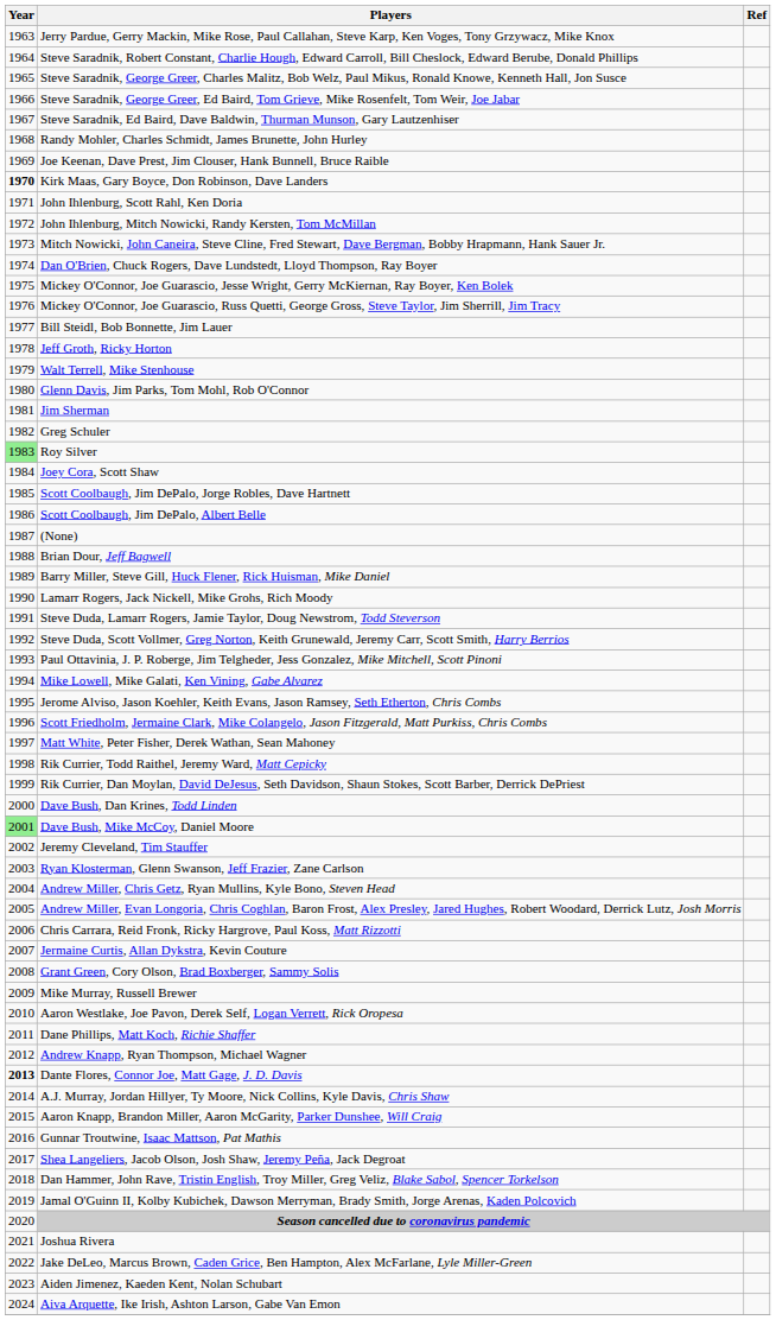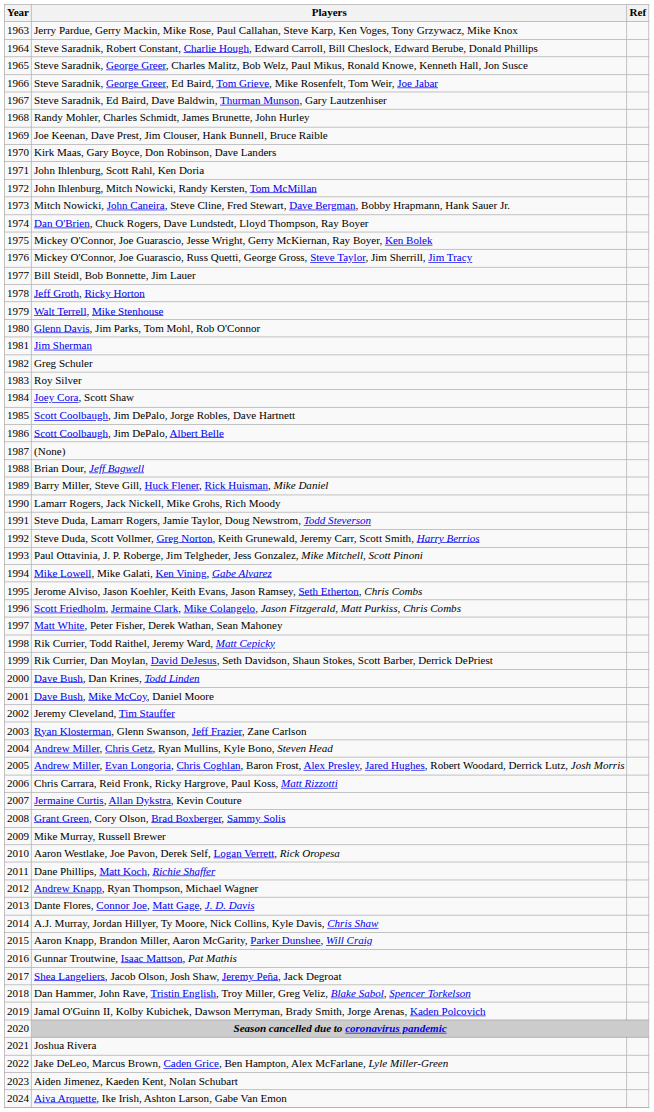 <table class="wikitable" style="text-align:center">
 <tr>
 <th scope="col">Year</th>
 <th scope="col">Players</th>
 <th scope="col">Ref</th>
 </tr>
 <tr>
 <td>1963</td>
 <td style="text-align:left">Jerry Pardue, Gerry Mackin, Mike Rose, Paul Callahan, Steve Karp, Ken Voges, Tony Grzywacz, Mike Knox</td>
 <td></td>
 </tr>
 <tr>
 <td>1964</td>
 <td style="text-align:left">Steve Saradnik, Robert Constant, <a href='#'>Charlie Hough</a>, Edward Carroll, Bill Cheslock, Edward Berube, Donald Phillips</td>
 <td></td>
 </tr>
 <tr>
 <td>1965</td>
 <td style="text-align:left">Steve Saradnik, <a href='#'>George Greer</a>, Charles Malitz, Bob Welz, Paul Mikus, Ronald Knowe, Kenneth Hall, Jon Susce</td>
 <td></td>
 </tr>
 <tr>
 <td>1966</td>
 <td style="text-align:left">Steve Saradnik, <a href='#'>George Greer</a>, Ed Baird, <a href='#'>Tom Grieve</a>, Mike Rosenfelt, Tom Weir, <a href='#'>Joe Jabar</a></td>
 <td></td>
 </tr>
 <tr>
 <td>1967</td>
 <td style="text-align:left">Steve Saradnik, Ed Baird, Dave Baldwin, <a href='#'>Thurman Munson</a>, Gary Lautzenhiser</td>
 <td></td>
 </tr>
 <tr>
 <td>1968</td>
 <td style="text-align:left">Randy Mohler, Charles Schmidt, James Brunette, John Hurley</td>
 <td></td>
 </tr>
 <tr>
 <td>1969</td>
 <td style="text-align:left">Joe Keenan, Dave Prest, Jim Clouser, Hank Bunnell, Bruce Raible</td>
 <td></td>
 </tr>
 <tr>
-<td><strong>1970</strong></td>
+<td>1970</td>
 <td style="text-align:left">Kirk Maas, Gary Boyce, Don Robinson, Dave Landers</td>
 <td></td>
 </tr>
 <tr>
 <td>1971</td>
 <td style="text-align:left">John Ihlenburg, Scott Rahl, Ken Doria</td>
 <td></td>
 </tr>
 <tr>
 <td>1972</td>
 <td style="text-align:left">John Ihlenburg, Mitch Nowicki, Randy Kersten, <a href='#'>Tom McMillan</a></td>
 <td></td>
 </tr>
 <tr>
 <td>1973</td>
 <td style="text-align:left">Mitch Nowicki, <a href='#'>John Caneira</a>, Steve Cline, Fred Stewart, <a href='#'>Dave Bergman</a>, Bobby Hrapmann, Hank Sauer Jr.</td>
 <td></td>
 </tr>
 <tr>
 <td>1974</td>
 <td style="text-align:left"><a href='#'>Dan O'Brien</a>, Chuck Rogers, Dave Lundstedt, Lloyd Thompson, Ray Boyer</td>
 <td></td>
 </tr>
 <tr>
 <td>1975</td>
 <td style="text-align:left">Mickey O'Connor, Joe Guarascio, Jesse Wright, Gerry McKiernan, Ray Boyer, <a href='#'>Ken Bolek</a></td>
 <td></td>
 </tr>
 <tr>
 <td>1976</td>
 <td style="text-align:left">Mickey O'Connor, Joe Guarascio, Russ Quetti, George Gross, <a href='#'>Steve Taylor</a>, Jim Sherrill, <a href='#'>Jim Tracy</a></td>
 <td></td>
 </tr>
 <tr>
 <td>1977</td>
 <td style="text-align:left">Bill Steidl, Bob Bonnette, Jim Lauer</td>
 <td></td>
 </tr>
 <tr>
 <td>1978</td>
 <td style="text-align:left"><a href='#'>Jeff Groth</a>, <a href='#'>Ricky Horton</a></td>
 <td></td>
 </tr>
 <tr>
 <td>1979</td>
 <td style="text-align:left"><a href='#'>Walt Terrell</a>, <a href='#'>Mike Stenhouse</a></td>
 <td></td>
 </tr>
 <tr>
 <td>1980</td>
 <td style="text-align:left"><a href='#'>Glenn Davis</a>, Jim Parks, Tom Mohl, Rob O'Connor</td>
 <td></td>
 </tr>
 <tr>
 <td>1981</td>
 <td style="text-align:left"><a href='#'>Jim Sherman</a></td>
 <td></td>
 </tr>
 <tr>
 <td>1982</td>
 <td style="text-align:left">Greg Schuler</td>
 <td></td>
 </tr>
 <tr>
-<td style="background: lightgreen;">1983</td>
+<td>1983</td>
 <td style="text-align:left">Roy Silver</td>
 <td></td>
 </tr>
 <tr>
 <td>1984</td>
 <td style="text-align:left"><a href='#'>Joey Cora</a>, Scott Shaw</td>
 <td></td>
 </tr>
 <tr>
 <td>1985</td>
 <td style="text-align:left"><a href='#'>Scott Coolbaugh</a>, Jim DePalo, Jorge Robles, Dave Hartnett</td>
 <td></td>
 </tr>
 <tr>
 <td>1986</td>
 <td style="text-align:left"><a href='#'>Scott Coolbaugh</a>, Jim DePalo, <a href='#'>Albert Belle</a></td>
 <td></td>
 </tr>
 <tr>
 <td>1987</td>
 <td style="text-align:left">(None)</td>
 <td></td>
 </tr>
 <tr>
 <td>1988</td>
 <td style="text-align:left">Brian Dour, <em><a href='#'>Jeff Bagwell</a></em></td>
 <td></td>
 </tr>
 <tr>
 <td>1989</td>
 <td style="text-align:left">Barry Miller, Steve Gill, <a href='#'>Huck Flener</a>, <a href='#'>Rick Huisman</a>, <em>Mike Daniel</em></td>
 <td></td>
 </tr>
 <tr>
 <td>1990</td>
 <td style="text-align:left">Lamarr Rogers, Jack Nickell, Mike Grohs, Rich Moody</td>
 <td></td>
 </tr>
 <tr>
 <td>1991</td>
 <td style="text-align:left">Steve Duda, Lamarr Rogers, Jamie Taylor, Doug Newstrom, <em><a href='#'>Todd Steverson</a></em></td>
 <td></td>
 </tr>
 <tr>
 <td>1992</td>
 <td style="text-align:left">Steve Duda, Scott Vollmer, <a href='#'>Greg Norton</a>, Keith Grunewald, Jeremy Carr, Scott Smith, <em><a href='#'>Harry Berrios</a></em></td>
 <td></td>
 </tr>
 <tr>
 <td>1993</td>
 <td style="text-align:left">Paul Ottavinia, J. P. Roberge, Jim Telgheder, Jess Gonzalez, <em>Mike Mitchell</em>, <em>Scott Pinoni</em></td>
 <td></td>
 </tr>
 <tr>
 <td>1994</td>
 <td style="text-align:left"><a href='#'>Mike Lowell</a>, Mike Galati, <a href='#'>Ken Vining</a>, <em><a href='#'>Gabe Alvarez</a></em></td>
 <td></td>
 </tr>
 <tr>
 <td>1995</td>
 <td style="text-align:left">Jerome Alviso, Jason Koehler, Keith Evans, Jason Ramsey, <a href='#'>Seth Etherton</a>, <em>Chris Combs</em></td>
 <td></td>
 </tr>
 <tr>
 <td>1996</td>
 <td style="text-align:left"><a href='#'>Scott Friedholm</a>, <a href='#'>Jermaine Clark</a>, <a href='#'>Mike Colangelo</a>, <em>Jason Fitzgerald</em>, <em>Matt Purkiss</em>, <em>Chris Combs</em></td>
 <td></td>
 </tr>
 <tr>
 <td>1997</td>
 <td style="text-align:left"><a href='#'>Matt White</a>, Peter Fisher, Derek Wathan, Sean Mahoney</td>
 <td></td>
 </tr>
 <tr>
 <td>1998</td>
 <td style="text-align:left">Rik Currier, Todd Raithel, Jeremy Ward, <em><a href='#'>Matt Cepicky</a></em></td>
 <td></td>
 </tr>
 <tr>
 <td>1999</td>
 <td style="text-align:left">Rik Currier, Dan Moylan, <a href='#'>David DeJesus</a>, Seth Davidson, Shaun Stokes, Scott Barber, Derrick DePriest</td>
 <td></td>
 </tr>
 <tr>
 <td>2000</td>
 <td style="text-align:left"><a href='#'>Dave Bush</a>, Dan Krines, <em><a href='#'>Todd Linden</a></em></td>
 <td></td>
 </tr>
 <tr>
-<td style="background: lightgreen;">2001</td>
+<td>2001</td>
 <td style="text-align:left"><a href='#'>Dave Bush</a>, <a href='#'>Mike McCoy</a>, Daniel Moore</td>
 <td></td>
 </tr>
 <tr>
 <td>2002</td>
 <td style="text-align:left">Jeremy Cleveland, <a href='#'>Tim Stauffer</a></td>
 <td></td>
 </tr>
 <tr>
 <td>2003</td>
 <td style="text-align:left"><a href='#'>Ryan Klosterman</a>, Glenn Swanson, <a href='#'>Jeff Frazier</a>, Zane Carlson</td>
 <td></td>
 </tr>
 <tr>
 <td>2004</td>
 <td style="text-align:left"><a href='#'>Andrew Miller</a>, <a href='#'>Chris Getz</a>, Ryan Mullins, Kyle Bono, <em>Steven Head</em></td>
 <td></td>
 </tr>
 <tr>
 <td>2005</td>
 <td style="text-align:left"><a href='#'>Andrew Miller</a>, <a href='#'>Evan Longoria</a>, <a href='#'>Chris Coghlan</a>, Baron Frost, <a href='#'>Alex Presley</a>, <a href='#'>Jared Hughes</a>, Robert Woodard, Derrick Lutz, <em>Josh Morris</em></td>
 <td></td>
 </tr>
 <tr>
 <td>2006</td>
 <td style="text-align:left">Chris Carrara, Reid Fronk, Ricky Hargrove, Paul Koss, <em><a href='#'>Matt Rizzotti</a></em></td>
 <td></td>
 </tr>
 <tr>
 <td>2007</td>
 <td style="text-align:left"><a href='#'>Jermaine Curtis</a>, <a href='#'>Allan Dykstra</a>, Kevin Couture</td>
 <td></td>
 </tr>
 <tr>
 <td>2008</td>
 <td style="text-align:left"><a href='#'>Grant Green</a>, Cory Olson, <a href='#'>Brad Boxberger</a>, <a href='#'>Sammy Solis</a></td>
 <td></td>
 </tr>
 <tr>
 <td>2009</td>
 <td style="text-align:left">Mike Murray, Russell Brewer</td>
 <td></td>
 </tr>
 <tr>
 <td>2010</td>
 <td style="text-align:left">Aaron Westlake, Joe Pavon, Derek Self, <a href='#'>Logan Verrett</a>, <em>Rick Oropesa</em></td>
 <td></td>
 </tr>
 <tr>
 <td>2011</td>
 <td style="text-align:left">Dane Phillips, <a href='#'>Matt Koch</a>, <em><a href='#'>Richie Shaffer</a></em></td>
 <td></td>
 </tr>
 <tr>
 <td>2012</td>
 <td style="text-align:left"><a href='#'>Andrew Knapp</a>, Ryan Thompson, Michael Wagner</td>
 <td></td>
 </tr>
 <tr>
-<td><strong>2013</strong></td>
+<td>2013</td>
 <td style="text-align:left">Dante Flores, <a href='#'>Connor Joe</a>, <a href='#'>Matt Gage</a>, <em><a href='#'>J. D. Davis</a></em></td>
 <td></td>
 </tr>
 <tr>
 <td>2014</td>
 <td style="text-align:left">A.J. Murray, Jordan Hillyer, Ty Moore, Nick Collins, Kyle Davis, <em><a href='#'>Chris Shaw</a></em></td>
 <td></td>
 </tr>
 <tr>
 <td>2015</td>
 <td style="text-align:left">Aaron Knapp, Brandon Miller, Aaron McGarity, <a href='#'>Parker Dunshee</a>, <em><a href='#'>Will Craig</a></em></td>
 <td></td>
 </tr>
 <tr>
 <td>2016</td>
 <td style="text-align:left">Gunnar Troutwine, <a href='#'>Isaac Mattson</a>, <em>Pat Mathis</em></td>
 <td></td>
 </tr>
 <tr>
 <td>2017</td>
 <td style="text-align:left"><a href='#'>Shea Langeliers</a>, Jacob Olson, Josh Shaw, <a href='#'>Jeremy Peña</a>, Jack Degroat</td>
 <td></td>
 </tr>
 <tr>
 <td>2018</td>
 <td style="text-align:left">Dan Hammer, John Rave, <a href='#'>Tristin English</a>, Troy Miller, Greg Veliz, <em><a href='#'>Blake Sabol</a></em>, <em><a href='#'>Spencer Torkelson</a></em></td>
 <td></td>
 </tr>
 <tr>
 <td>2019</td>
 <td style="text-align:left">Jamal O'Guinn II, Kolby Kubichek, Dawson Merryman, Brady Smith, Jorge Arenas, <a href='#'>Kaden Polcovich</a></td>
 <td></td>
 </tr>
 <tr>
 <td>2020</td>
 <td colspan="2" align="center" bgcolor=#cccccc><strong><em>Season cancelled due to <a href='#'>coronavirus pandemic</a></em></strong></td>
 </tr>
 <tr>
 <td>2021</td>
 <td style="text-align:left">Joshua Rivera</td>
 <td></td>
 </tr>
 <tr>
 <td>2022</td>
 <td style="text-align:left">Jake DeLeo, Marcus Brown, <a href='#'>Caden Grice</a>, Ben Hampton, Alex McFarlane, <em>Lyle Miller-Green</em></td>
 <td></td>
 </tr>
 <tr>
 <td>2023</td>
 <td style="text-align:left">Aiden Jimenez, Kaeden Kent, Nolan Schubart</td>
 <td></td>
 </tr>
 <tr>
 <td>2024</td>
 <td style="text-align:left"><a href='#'>Aiva Arquette</a>, Ike Irish, Ashton Larson, Gabe Van Emon</td>
 <td></td>
 </tr>
 <tr>
 </tr>
 </table>
